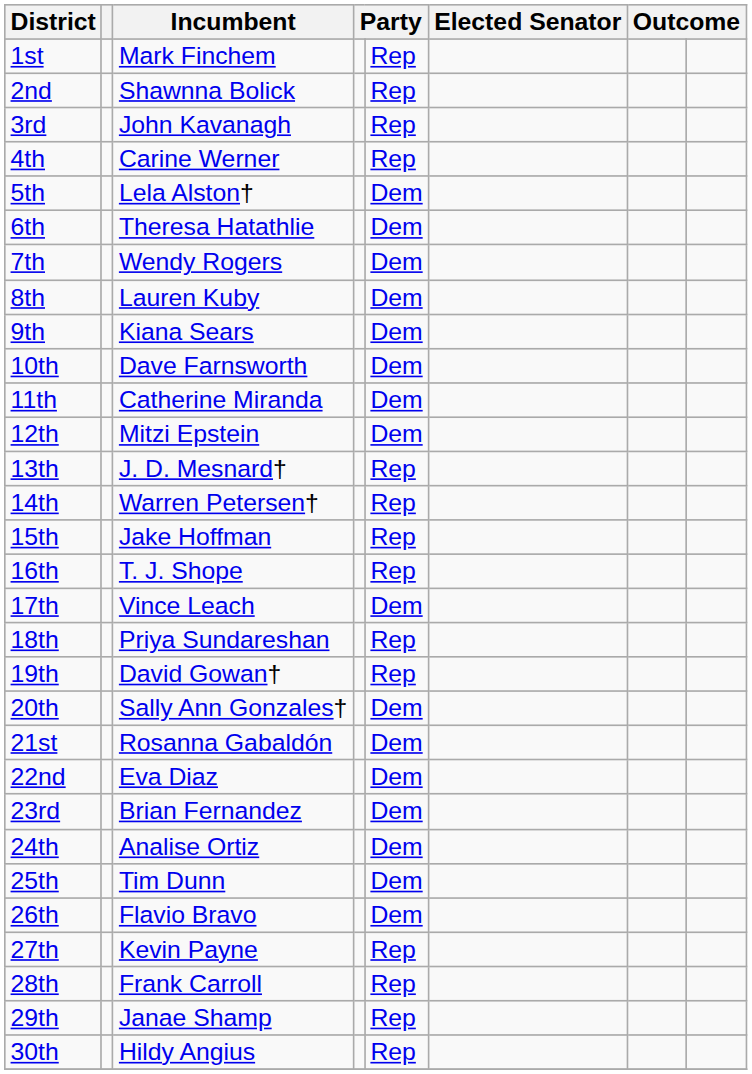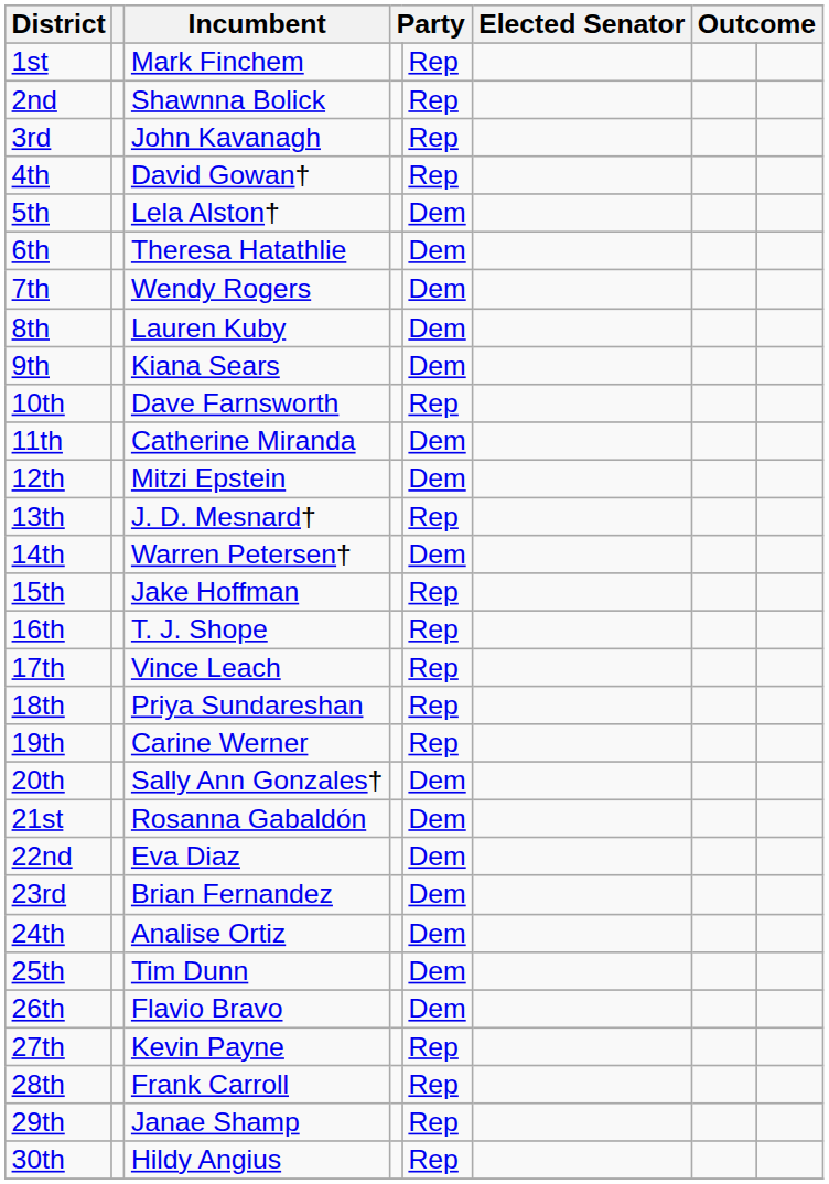 <table class="sortable wikitable" style="font-size:95%;line-height:14px;">
 <tr>
 <th>District</th>
 <th></th>
 <th>Incumbent</th>
 <th colspan="2">Party</th>
 <th>Elected Senator</th>
 <th colspan="2">Outcome</th>
 </tr>
 <tr>
 <td><a href='#'>1st</a></td>
 <td></td>
 <td><a href='#'>Mark Finchem</a></td>
 <td style="background:"></td>
 <td><a href='#'>Rep</a></td>
 <td></td>
 <td></td>
 <td></td>
 </tr>
 <tr>
 <td><a href='#'>2nd</a></td>
 <td></td>
 <td><a href='#'>Shawnna Bolick</a></td>
 <td style="background:"></td>
 <td><a href='#'>Rep</a></td>
 <td></td>
 <td></td>
 <td></td>
 </tr>
 <tr>
 <td><a href='#'>3rd</a></td>
 <td></td>
 <td><a href='#'>John Kavanagh</a></td>
 <td style="background:"></td>
 <td><a href='#'>Rep</a></td>
 <td></td>
 <td></td>
 <td></td>
 </tr>
 <tr>
 <td><a href='#'>4th</a></td>
 <td></td>
-<td><a href='#'>Carine Werner</a></td>
+<td><a href='#'>David Gowan</a>†</td>
 <td style="background:"></td>
 <td><a href='#'>Rep</a></td>
 <td></td>
 <td></td>
 <td></td>
 </tr>
 <tr>
 <td><a href='#'>5th</a></td>
 <td></td>
 <td><a href='#'>Lela Alston</a>†</td>
 <td style="background:"></td>
 <td><a href='#'>Dem</a></td>
 <td></td>
 <td></td>
 <td></td>
 </tr>
 <tr>
 <td><a href='#'>6th</a></td>
 <td></td>
 <td><a href='#'>Theresa Hatathlie</a></td>
 <td style="background:"></td>
 <td><a href='#'>Dem</a></td>
 <td></td>
 <td></td>
 <td></td>
 </tr>
 <tr>
 <td><a href='#'>7th</a></td>
 <td></td>
 <td><a href='#'>Wendy Rogers</a></td>
 <td style="background:"></td>
 <td><a href='#'>Dem</a></td>
 <td></td>
 <td></td>
 <td></td>
 </tr>
 <tr>
 <td><a href='#'>8th</a></td>
 <td></td>
 <td><a href='#'>Lauren Kuby</a></td>
 <td style="background:"></td>
 <td><a href='#'>Dem</a></td>
 <td></td>
 <td></td>
 <td></td>
 </tr>
 <tr>
 <td><a href='#'>9th</a></td>
 <td></td>
 <td><a href='#'>Kiana Sears</a></td>
 <td style="background:"></td>
 <td><a href='#'>Dem</a></td>
 <td></td>
 <td></td>
 <td></td>
 </tr>
 <tr>
 <td><a href='#'>10th</a></td>
 <td></td>
 <td><a href='#'>Dave Farnsworth</a></td>
 <td style="background:"></td>
-<td><a href='#'>Dem</a></td>
+<td><a href='#'>Rep</a></td>
 <td></td>
 <td></td>
 <td></td>
 </tr>
 <tr>
 <td><a href='#'>11th</a></td>
 <td></td>
 <td><a href='#'>Catherine Miranda</a></td>
 <td style="background:"></td>
 <td><a href='#'>Dem</a></td>
 <td></td>
 <td></td>
 <td></td>
 </tr>
 <tr>
 <td><a href='#'>12th</a></td>
 <td></td>
 <td><a href='#'>Mitzi Epstein</a></td>
 <td style="background:"></td>
 <td><a href='#'>Dem</a></td>
 <td></td>
 <td></td>
 <td></td>
 </tr>
 <tr>
 <td><a href='#'>13th</a></td>
 <td></td>
 <td><a href='#'>J. D. Mesnard</a>†</td>
 <td style="background:"></td>
 <td><a href='#'>Rep</a></td>
 <td></td>
 <td></td>
 <td></td>
 </tr>
 <tr>
 <td><a href='#'>14th</a></td>
 <td></td>
 <td><a href='#'>Warren Petersen</a>†</td>
 <td style="background:"></td>
-<td><a href='#'>Rep</a></td>
+<td><a href='#'>Dem</a></td>
 <td></td>
 <td></td>
 <td></td>
 </tr>
 <tr>
 <td><a href='#'>15th</a></td>
 <td></td>
 <td><a href='#'>Jake Hoffman</a></td>
 <td style="background:"></td>
 <td><a href='#'>Rep</a></td>
 <td></td>
 <td></td>
 <td></td>
 </tr>
 <tr>
 <td><a href='#'>16th</a></td>
 <td></td>
 <td><a href='#'>T. J. Shope</a></td>
 <td style="background:"></td>
 <td><a href='#'>Rep</a></td>
 <td></td>
 <td></td>
 <td></td>
 </tr>
 <tr>
 <td><a href='#'>17th</a></td>
 <td></td>
 <td><a href='#'>Vince Leach</a></td>
 <td style="background:"></td>
-<td><a href='#'>Dem</a></td>
+<td><a href='#'>Rep</a></td>
 <td></td>
 <td></td>
 <td></td>
 </tr>
 <tr>
 <td><a href='#'>18th</a></td>
 <td></td>
 <td><a href='#'>Priya Sundareshan</a></td>
 <td style="background:"></td>
 <td><a href='#'>Rep</a></td>
 <td></td>
 <td></td>
 <td></td>
 </tr>
 <tr>
 <td><a href='#'>19th</a></td>
 <td></td>
-<td><a href='#'>David Gowan</a>†</td>
+<td><a href='#'>Carine Werner</a></td>
 <td style="background:"></td>
 <td><a href='#'>Rep</a></td>
 <td></td>
 <td></td>
 <td></td>
 </tr>
 <tr>
 <td><a href='#'>20th</a></td>
 <td></td>
 <td><a href='#'>Sally Ann Gonzales</a>†</td>
 <td style="background:"></td>
 <td><a href='#'>Dem</a></td>
 <td></td>
 <td></td>
 <td></td>
 </tr>
 <tr>
 <td><a href='#'>21st</a></td>
 <td></td>
 <td><a href='#'>Rosanna Gabaldón</a></td>
 <td style="background:"></td>
 <td><a href='#'>Dem</a></td>
 <td></td>
 <td></td>
 <td></td>
 </tr>
 <tr>
 <td><a href='#'>22nd</a></td>
 <td></td>
 <td><a href='#'>Eva Diaz</a></td>
 <td style="background:"></td>
 <td><a href='#'>Dem</a></td>
 <td></td>
 <td></td>
 <td></td>
 </tr>
 <tr>
 <td><a href='#'>23rd</a></td>
 <td></td>
 <td><a href='#'>Brian Fernandez</a></td>
 <td style="background:"></td>
 <td><a href='#'>Dem</a></td>
 <td></td>
 <td></td>
 <td></td>
 </tr>
 <tr>
 <td><a href='#'>24th</a></td>
 <td></td>
 <td><a href='#'>Analise Ortiz</a></td>
 <td style="background:"></td>
 <td><a href='#'>Dem</a></td>
 <td></td>
 <td></td>
 <td></td>
 </tr>
 <tr>
 <td><a href='#'>25th</a></td>
 <td></td>
 <td><a href='#'>Tim Dunn</a></td>
 <td style="background:"></td>
 <td><a href='#'>Dem</a></td>
 <td></td>
 <td></td>
 <td></td>
 </tr>
 <tr>
 <td><a href='#'>26th</a></td>
 <td></td>
 <td><a href='#'>Flavio Bravo</a></td>
 <td style="background:"></td>
 <td><a href='#'>Dem</a></td>
 <td></td>
 <td></td>
 <td></td>
 </tr>
 <tr>
 <td><a href='#'>27th</a></td>
 <td></td>
 <td><a href='#'>Kevin Payne</a></td>
 <td style="background:"></td>
 <td><a href='#'>Rep</a></td>
 <td></td>
 <td></td>
 <td></td>
 </tr>
 <tr>
 <td><a href='#'>28th</a></td>
 <td></td>
 <td><a href='#'>Frank Carroll</a></td>
 <td style="background:"></td>
 <td><a href='#'>Rep</a></td>
 <td></td>
 <td></td>
 <td></td>
 </tr>
 <tr>
 <td><a href='#'>29th</a></td>
 <td></td>
 <td><a href='#'>Janae Shamp</a></td>
 <td style="background:"></td>
 <td><a href='#'>Rep</a></td>
 <td></td>
 <td></td>
 <td></td>
 </tr>
 <tr>
 <td><a href='#'>30th</a></td>
 <td></td>
 <td><a href='#'>Hildy Angius</a></td>
 <td style="background:"></td>
 <td><a href='#'>Rep</a></td>
 <td></td>
 <td></td>
 <td></td>
 </tr>
 <tr>
 </tr>
 </table>
